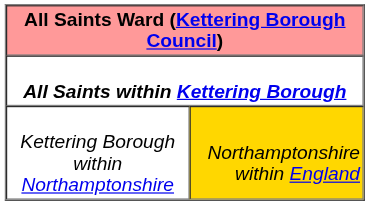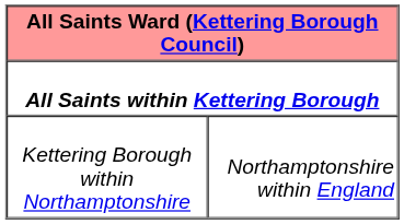 <table border=1 cellpadding="2" cellspacing="0" align="right" width=300>
 <tr>
 <th colspan=2 align=center bgcolor="#ff9999"><strong>All Saints</strong> Ward (<a href='#'>Kettering Borough Council</a>)</th>
 </tr>
 <tr>
 <th colspan=2 alignn=center><br><em>All Saints within <a href='#'>Kettering Borough</a></em></th>
 </tr>
 <tr>
 <td align=center><br><em>Kettering Borough within <a href='#'>Northamptonshire</a></em></td>
-<td align=right style="background: gold;"><br><em>Northamptonshire within <a href='#'>England</a></em></td>
+<td align=right><br><em>Northamptonshire within <a href='#'>England</a></em></td>
 </tr>
 </table>
